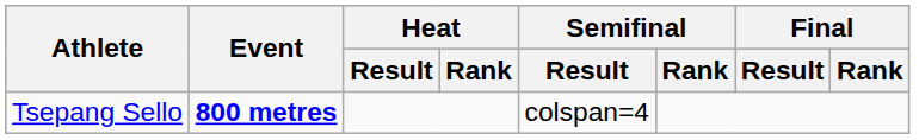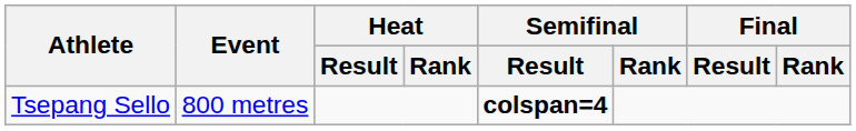 <table class="wikitable" style="font-size:90%">
 <tr>
 <th rowspan="2">Athlete</th>
 <th rowspan="2">Event</th>
 <th colspan="2">Heat</th>
 <th colspan="2">Semifinal</th>
 <th colspan="2">Final</th>
 </tr>
 <tr>
 <th>Result</th>
 <th>Rank</th>
 <th>Result</th>
 <th>Rank</th>
 <th>Result</th>
 <th>Rank</th>
 </tr>
 <tr style=text-align:center>
 <td style=text-align:left><a href='#'>Tsepang Sello</a></td>
-<td style=text-align:left><strong><a href='#'>800 metres</a></strong></td>
+<td style=text-align:left><a href='#'>800 metres</a></td>
 <td colspan=2></td>
-<td>colspan=4 </td>
+<td><strong>colspan=4 </strong></td>
 </tr>
 </table>
